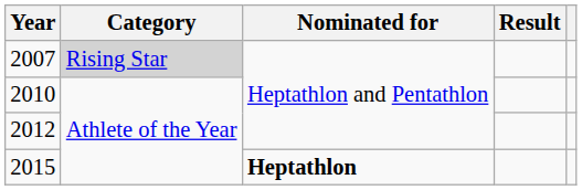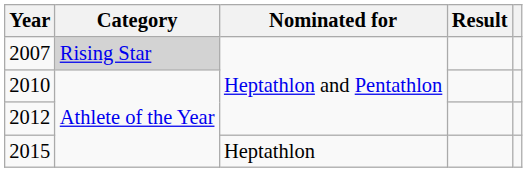 <table class="wikitable plainrowheaders">
 <tr>
 <th scope="col">Year</th>
 <th scope="col">Category</th>
 <th scope="col">Nominated for</th>
 <th scope="col">Result</th>
 <th scope="col"></th>
 </tr>
 <tr>
 <td>2007</td>
 <td style="background: lightgrey;"><a href='#'>Rising Star</a></td>
 <td rowspan = "3"><a href='#'>Heptathlon</a> and <a href='#'>Pentathlon</a></td>
 <td></td>
 <td></td>
 </tr>
 <tr>
 <td>2010</td>
 <td rowspan = "3"><a href='#'>Athlete of the Year</a></td>
 <td></td>
 <td></td>
 </tr>
 <tr>
 <td>2012</td>
 <td></td>
 <td></td>
 </tr>
 <tr>
 <td>2015</td>
-<td><strong>Heptathlon</strong></td>
+<td>Heptathlon</td>
 <td></td>
 <td></td>
 </tr>
 </table>
